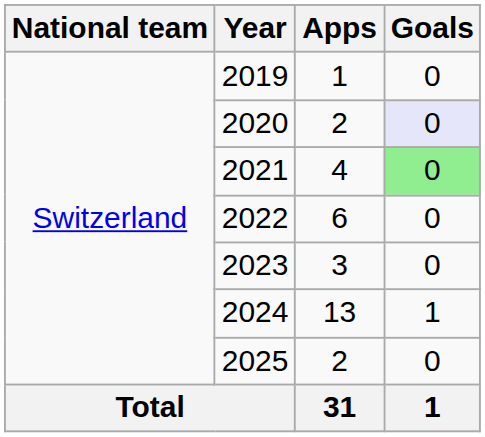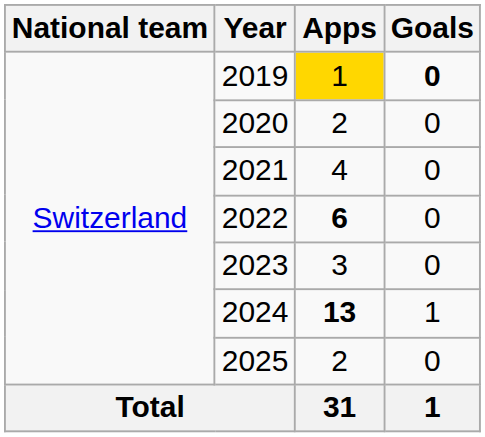 <table class="wikitable" style="text-align:center">
 <tr>
 <th>National team</th>
 <th>Year</th>
 <th>Apps</th>
 <th>Goals</th>
 </tr>
 <tr>
 <td rowspan="7"><a href='#'>Switzerland</a></td>
 <td>2019</td>
-<td>1</td>
-<td>0</td>
+<td style="background: gold;">1</td>
+<td><strong>0</strong></td>
 </tr>
 <tr>
 <td>2020</td>
 <td>2</td>
-<td style="background: lavender;">0</td>
+<td>0</td>
 </tr>
 <tr>
 <td>2021</td>
 <td>4</td>
-<td style="background: lightgreen;">0</td>
+<td>0</td>
 </tr>
 <tr>
 <td>2022</td>
-<td>6</td>
+<td><strong>6</strong></td>
 <td>0</td>
 </tr>
 <tr>
 <td>2023</td>
 <td>3</td>
 <td>0</td>
 </tr>
 <tr>
 <td>2024</td>
-<td>13</td>
+<td><strong>13</strong></td>
 <td>1</td>
 </tr>
 <tr>
 <td>2025</td>
 <td>2</td>
 <td>0</td>
 </tr>
 <tr>
 <th colspan="2">Total</th>
 <th>31</th>
 <th>1</th>
 </tr>
 </table>
